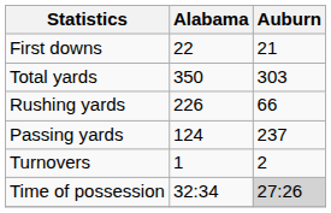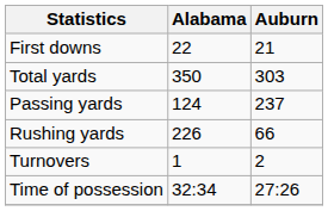 <table class="wikitable" style="float: left;">
 <tr>
 <th>Statistics</th>
 <th>Alabama</th>
 <th>Auburn</th>
 </tr>
 <tr>
 <td>First downs</td>
 <td>22</td>
 <td>21</td>
 </tr>
 <tr>
 <td>Total yards</td>
 <td>350</td>
 <td>303</td>
 </tr>
 <tr>
+<td>Passing yards</td>
+<td>124</td>
+<td>237</td>
+</tr>
+<tr>
 <td>Rushing yards</td>
 <td>226</td>
 <td>66</td>
-</tr>
-<tr>
-<td>Passing yards</td>
-<td>124</td>
-<td>237</td>
 </tr>
 <tr>
 <td>Turnovers</td>
 <td>1</td>
 <td>2</td>
 </tr>
 <tr>
 <td>Time of possession</td>
 <td>32:34</td>
-<td style="background: lightgrey;">27:26</td>
+<td>27:26</td>
 </tr>
 <tr>
 </tr>
 </table>
